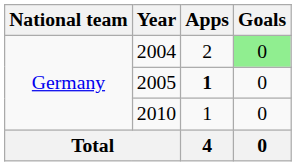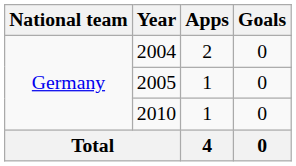 <table class="wikitable" style="text-align:center">
 <tr>
 <th>National team</th>
 <th>Year</th>
 <th>Apps</th>
 <th>Goals</th>
 </tr>
 <tr>
 <td rowspan="3"><a href='#'>Germany</a></td>
 <td>2004</td>
 <td>2</td>
-<td style="background: lightgreen;">0</td>
+<td>0</td>
 </tr>
 <tr>
 <td>2005</td>
-<td><strong>1</strong></td>
+<td>1</td>
 <td>0</td>
 </tr>
 <tr>
 <td>2010</td>
 <td>1</td>
 <td>0</td>
 </tr>
 <tr>
 <th colspan="2">Total</th>
 <th>4</th>
 <th>0</th>
 </tr>
 </table>
